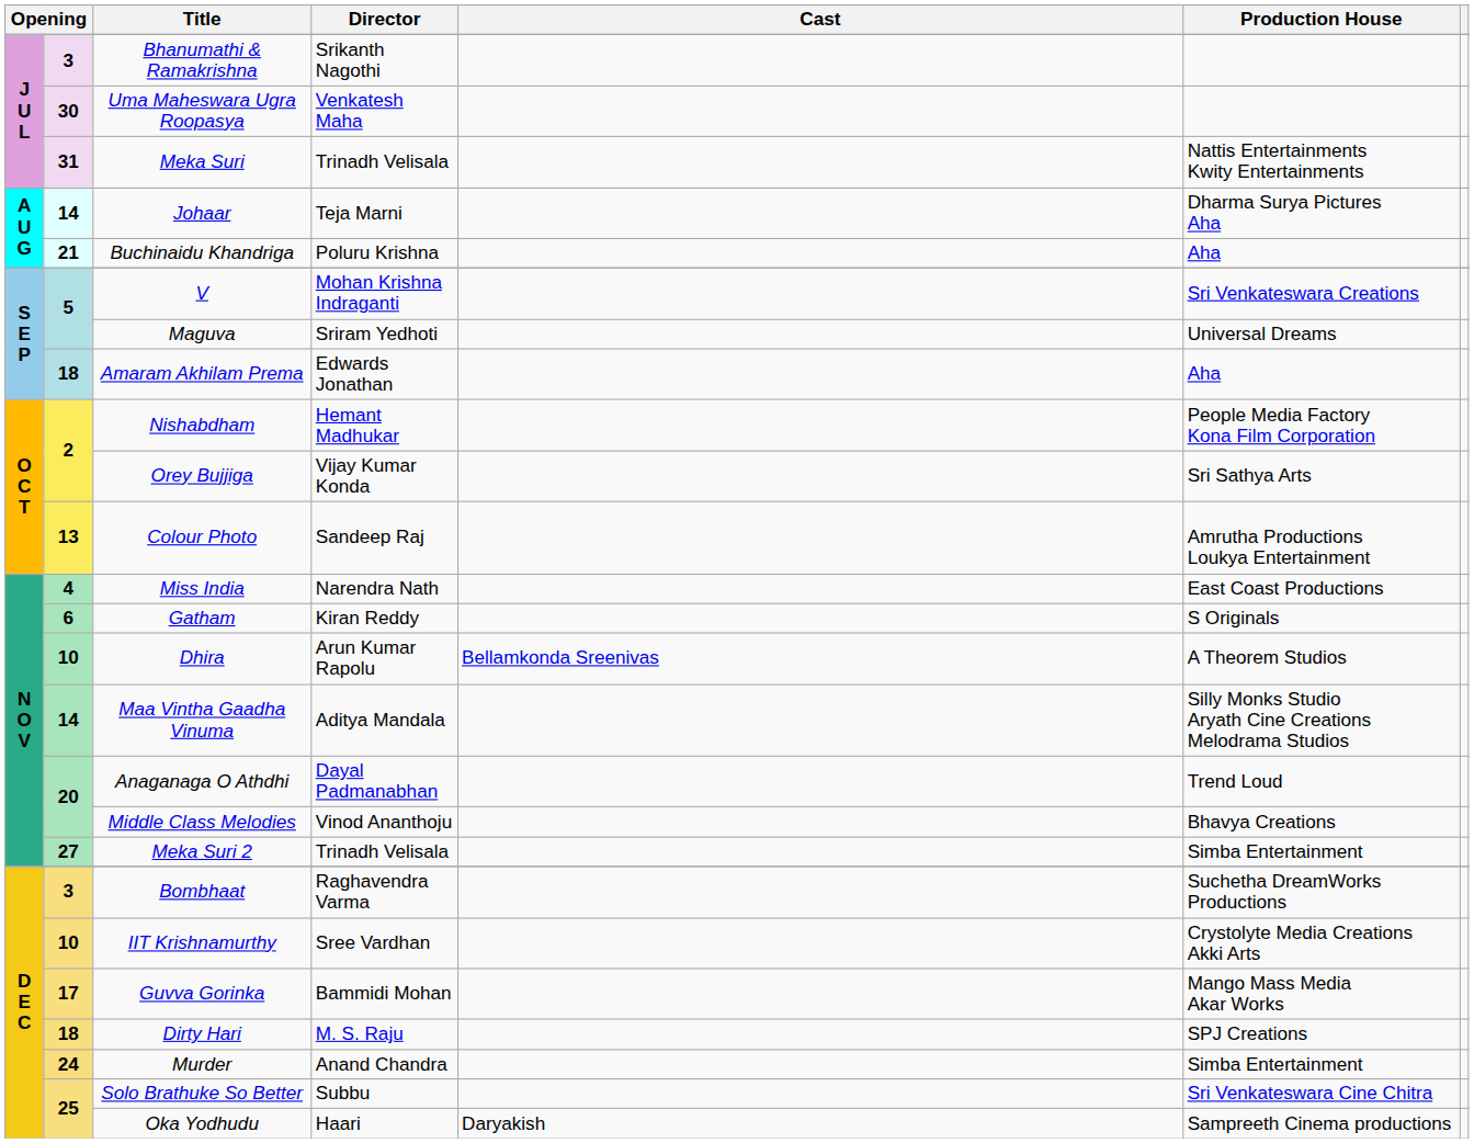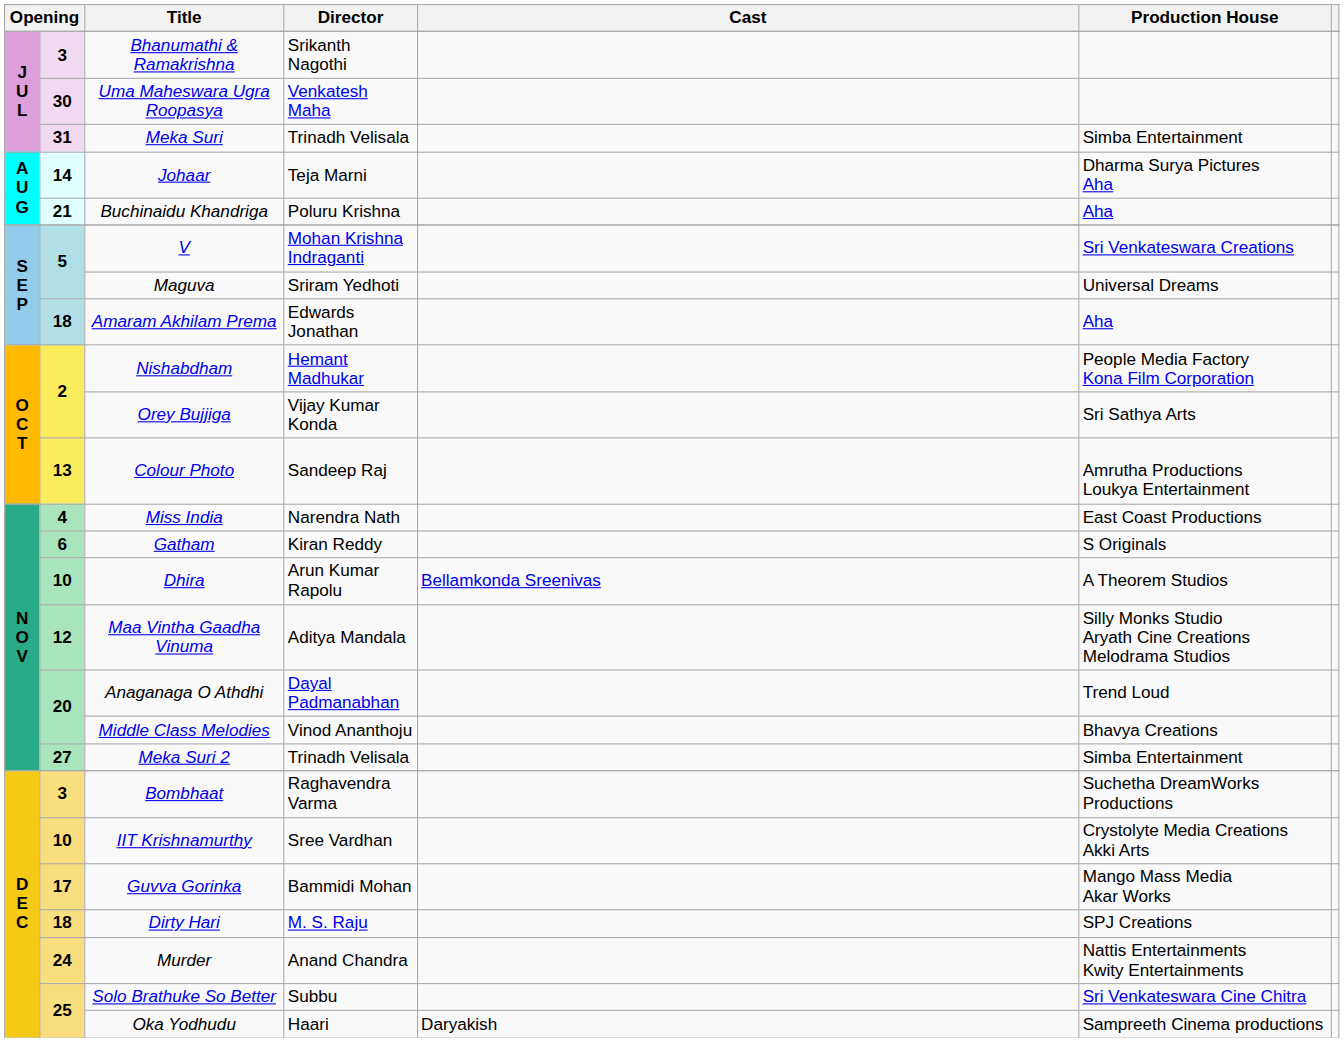 <table class="wikitable sortable">
 <tr style="background:#blue; text-align:center;">
 <th colspan="2" style="width:6%;"><strong>Opening</strong></th>
 <th style="width:15%;"><strong>Title</strong></th>
 <th style="width:10%;"><strong>Director</strong></th>
 <th style="width:50%;"><strong>Cast</strong></th>
 <th style="width:25%;"><strong>Production House</strong></th>
 <th style="width:1%;"></th>
 </tr>
 <tr>
 </tr>
 <tr July!>
 <td rowspan="3" style="text-align:center; background:plum;"><strong>J<br>U<br>L</strong></td>
 <td style="text-align:center; background:#f1daf1;"><strong>3</strong></td>
 <td style="text-align:center;"><em><a href='#'>Bhanumathi & Ramakrishna</a></em></td>
 <td>Srikanth Nagothi</td>
 <td></td>
 <td></td>
 <td></td>
 </tr>
 <tr>
 <td style="text-align:center; background:#f1daf1;"><strong>30</strong></td>
 <td style="text-align:center;"><em><a href='#'>Uma Maheswara Ugra Roopasya</a></em></td>
 <td><a href='#'>Venkatesh Maha</a></td>
 <td></td>
 <td></td>
 <td></td>
 </tr>
 <tr>
 <td style="text-align:center; background:#f1daf1;"><strong>31</strong></td>
 <td style="text-align:center;"><em><a href='#'>Meka Suri</a></em></td>
 <td>Trinadh Velisala</td>
 <td></td>
-<td>Nattis Entertainments <br>Kwity Entertainments</td>
+<td>Simba Entertainment</td>
 <td></td>
 </tr>
 <tr August!>
 <td rowspan="2" style="text-align:center; background:#0ff;"><strong>A<br>U<br>G</strong></td>
 <td style="text-align:center; background:#e0ffff;"><strong>14</strong></td>
 <td style="text-align:center;"><em><a href='#'>Johaar</a></em></td>
 <td>Teja Marni</td>
 <td></td>
 <td>Dharma Surya Pictures<br><a href='#'>Aha</a></td>
 <td></td>
 </tr>
 <tr>
 <td style="text-align:center; background:#e0ffff;"><strong>21</strong></td>
 <td style="text-align:center;"><em>Buchinaidu Khandriga</em></td>
 <td>Poluru Krishna</td>
 <td></td>
 <td><a href='#'>Aha</a></td>
 <td></td>
 </tr>
 <tr>
 </tr>
 <tr September!>
 <td rowspan="3" style="text-align:center; background:#93CCEA; textcolor:#000;"><strong>S<br>E<br>P</strong></td>
 <td rowspan="2" style="text-align:center;background:#B0E0E6;"><strong>5</strong></td>
 <td style="text-align:center;"><em><a href='#'>V</a></em></td>
 <td><a href='#'>Mohan Krishna Indraganti</a></td>
 <td></td>
 <td><a href='#'>Sri Venkateswara Creations</a></td>
 <td></td>
 </tr>
 <tr>
 <td style="text-align:center;"><em>Maguva</em></td>
 <td>Sriram Yedhoti</td>
 <td></td>
 <td>Universal Dreams</td>
 <td></td>
 </tr>
 <tr>
 <td rowspan="1" style="text-align:center;background:#B0E0E6;"><strong>18</strong></td>
 <td style="text-align:center;"><em><a href='#'>Amaram Akhilam Prema</a></em></td>
 <td>Edwards Jonathan</td>
 <td></td>
 <td><a href='#'>Aha</a></td>
 <td></td>
 </tr>
 <tr October!>
 <td rowspan="3" style="text-align:center; background:#ffba00; textcolor:#000;"><strong>O<br>C<br>T</strong></td>
 <td rowspan="2" style="text-align:center; background:#fbec5d;"><strong>2</strong></td>
 <td style="text-align:center;"><em><a href='#'>Nishabdham</a></em></td>
 <td><a href='#'>Hemant Madhukar</a></td>
 <td></td>
 <td>People Media Factory<br><a href='#'>Kona Film Corporation</a></td>
 <td></td>
 </tr>
 <tr>
 <td style="text-align:center;"><em><a href='#'>Orey Bujjiga</a></em></td>
 <td>Vijay Kumar Konda</td>
 <td></td>
 <td>Sri Sathya Arts</td>
 <td></td>
 </tr>
 <tr>
 <td style="text-align:center; background:#fbec5d;"><strong>13</strong></td>
 <td style="text-align:center;"><em><a href='#'>Colour Photo</a></em></td>
 <td>Sandeep Raj</td>
 <td></td>
 <td><br>Amrutha Productions<br>Loukya Entertainment</td>
 <td></td>
 </tr>
 <tr November!>
 <th rowspan="7" style="text-align:center; background:#29AB87; textcolor:#000;"><strong>N<br>O<br>V</strong></th>
 <td style="text-align:center;background:#a8e4bc;"><strong>4</strong></td>
 <td style="text-align:center;"><em><a href='#'>Miss India</a></em></td>
 <td>Narendra Nath</td>
 <td></td>
 <td>East Coast Productions</td>
 <td></td>
 </tr>
 <tr>
 <td style="text-align:center;background:#a8e4bc;"><strong>6</strong></td>
 <td style="text-align:center;"><em><a href='#'>Gatham</a></em></td>
 <td>Kiran Reddy</td>
 <td></td>
 <td Offbeat Films>S Originals</td>
 <td></td>
 </tr>
 <tr>
 <td style="text-align:center;background:#a8e4bc;"><strong>10</strong></td>
 <td style="text-align:center;"><em><a href='#'>Dhira</a></em></td>
 <td>Arun Kumar Rapolu</td>
 <td><a href='#'>Bellamkonda Sreenivas</a></td>
 <td>A Theorem Studios</td>
 <td></td>
 </tr>
 <tr>
-<td style="text-align:center;background:#a8e4bc;"><strong>14</strong></td>
+<td style="text-align:center;background:#a8e4bc;"><strong>12</strong></td>
 <td style="text-align:center;"><em><a href='#'>Maa Vintha Gaadha Vinuma</a></em></td>
 <td>Aditya Mandala</td>
 <td></td>
 <td>Silly Monks Studio<br>Aryath Cine Creations<br>Melodrama Studios</td>
 <td></td>
 </tr>
 <tr>
 <td rowspan="2" style="text-align:center; background:#a8e4bc;"><strong>20</strong></td>
 <td style="text-align:center;"><em>Anaganaga O Athdhi</em></td>
 <td><a href='#'>Dayal Padmanabhan</a></td>
 <td></td>
 <td>Trend Loud</td>
 <td></td>
 </tr>
 <tr>
 <td style="text-align:center;"><em><a href='#'>Middle Class Melodies</a></em></td>
 <td>Vinod Ananthoju</td>
 <td></td>
 <td>Bhavya Creations</td>
 <td></td>
 </tr>
 <tr>
 <td style="text-align:center;background:#a8e4bc;"><strong>27</strong></td>
 <td style="text-align:center;"><a href='#'><em>Meka Suri 2</em></a></td>
 <td>Trinadh Velisala</td>
 <td></td>
 <td>Simba Entertainment</td>
 <td></td>
 </tr>
 <tr>
 </tr>
 <tr December!>
 <td rowspan="7" style="text-align:center; background:#F4CA16; textcolor:#000;"><strong>D<br>E<br>C</strong></td>
 <td style="text-align:center; background:#F8DE7E;"><strong>3</strong></td>
 <td style="text-align:center;"><em><a href='#'>Bombhaat</a></em></td>
 <td>Raghavendra Varma</td>
 <td></td>
 <td>Suchetha DreamWorks Productions</td>
 <td></td>
 </tr>
 <tr>
 <td style="text-align:center; background:#F8DE7E;"><strong>10</strong></td>
 <td style="text-align:center;"><em><a href='#'>IIT Krishnamurthy</a></em></td>
 <td>Sree Vardhan</td>
 <td></td>
 <td>Crystolyte Media Creations<br>Akki Arts</td>
 <td></td>
 </tr>
 <tr>
 <td style="text-align:center; background:#F8DE7E;"><strong>17</strong></td>
 <td style="text-align:center;"><em><a href='#'>Guvva Gorinka</a></em></td>
 <td>Bammidi Mohan</td>
 <td></td>
 <td>Mango Mass Media<br>Akar Works</td>
 <td></td>
 </tr>
 <tr>
 <td style="text-align:center; background:#F8DE7E;"><strong>18</strong></td>
 <td style="text-align:center;"><em><a href='#'>Dirty Hari</a></em></td>
 <td><a href='#'>M. S. Raju</a></td>
 <td></td>
 <td>SPJ Creations</td>
 <td></td>
 </tr>
 <tr>
 <td style="text-align:center; background:#F8DE7E;"><strong>24</strong></td>
 <td style="text-align:center;"><em>Murder</em></td>
 <td>Anand Chandra</td>
 <td></td>
-<td>Simba Entertainment</td>
+<td>Nattis Entertainments <br>Kwity Entertainments</td>
 <td><br></td>
 </tr>
 <tr>
 <td rowspan="2" style="text-align:center; background:#F8DE7E;"><strong>25</strong></td>
 <td style="text-align:center;"><em><a href='#'>Solo Brathuke So Better</a></em></td>
 <td>Subbu</td>
 <td></td>
 <td><a href='#'>Sri Venkateswara Cine Chitra</a></td>
 <td></td>
 </tr>
 <tr>
 <td style="text-align:center;"><em>Oka Yodhudu</em></td>
 <td Rajasekhar>Haari</td>
 <td>Daryakish</td>
 <td>Sampreeth Cinema productions</td>
 <td></td>
 </tr>
 </table>
